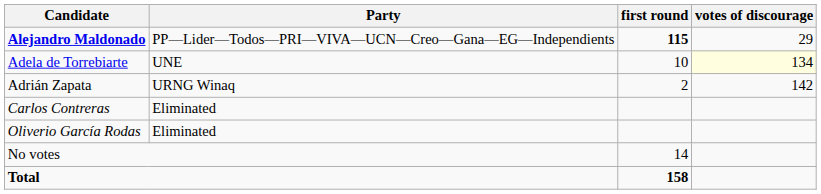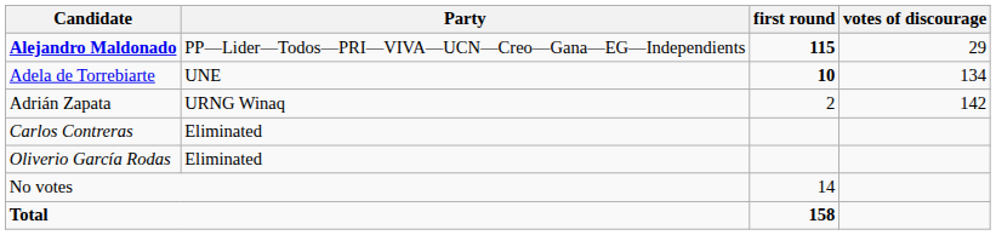 <table class="wikitable" style="margin-bottom: 10px;">
 <tr>
 <th>Candidate</th>
 <th>Party</th>
 <th>first round</th>
 <th>votes of discourage</th>
 </tr>
 <tr>
 <td><strong><a href='#'>Alejandro Maldonado</a></strong></td>
 <td>PP—Lider—Todos—PRI—VIVA—UCN—Creo—Gana—EG—Independients</td>
 <td align="right"><strong>115</strong></td>
 <td align="right">29</td>
 </tr>
 <tr>
 <td><a href='#'>Adela de Torrebiarte</a></td>
 <td>UNE</td>
-<td align="right">10</td>
-<td align="right" style="background: lightyellow;">134</td>
+<td align="right"><strong>10</strong></td>
+<td align="right">134</td>
 </tr>
 <tr>
 <td>Adrián Zapata</td>
 <td>URNG Winaq</td>
 <td align="right">2</td>
 <td align="right">142</td>
 </tr>
 <tr>
 <td><em>Carlos Contreras</em></td>
 <td>Eliminated</td>
 <td></td>
 <td></td>
 </tr>
 <tr>
 <td><em>Oliverio García Rodas</em></td>
 <td>Eliminated</td>
 <td></td>
 <td></td>
 </tr>
 <tr>
 <td colspan="2">No votes</td>
 <td align="right">14</td>
 <td></td>
 </tr>
 <tr>
 <td colspan="2"><strong>Total</strong></td>
 <td align="right"><strong>158</strong></td>
 </tr>
 </table>
